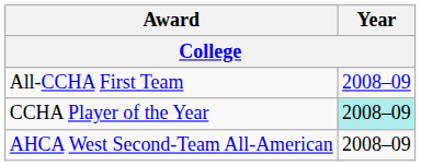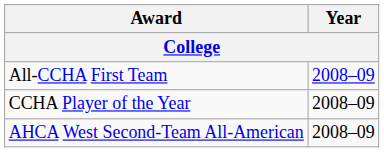 <table class="wikitable">
 <tr>
 <th>Award</th>
 <th>Year</th>
 </tr>
 <tr>
 <th colspan="2"><a href='#'>College</a></th>
 </tr>
 <tr>
 <td>All-<a href='#'>CCHA</a> <a href='#'>First Team</a></td>
 <td><a href='#'>2008–09</a></td>
 </tr>
 <tr>
 <td>CCHA <a href='#'>Player of the Year</a></td>
-<td style="background: paleturquoise;">2008–09</td>
+<td>2008–09</td>
 </tr>
 <tr>
 <td><a href='#'>AHCA</a> <a href='#'>West Second-Team All-American</a></td>
 <td>2008–09</td>
 </tr>
 </table>
